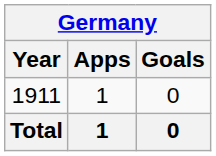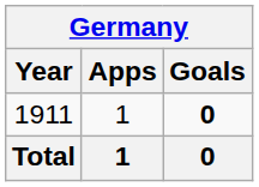 <table class="wikitable" style="text-align:center">
 <tr>
 <th colspan=3><a href='#'>Germany</a></th>
 </tr>
 <tr>
 <th>Year</th>
 <th>Apps</th>
 <th>Goals</th>
 </tr>
 <tr>
 <td>1911</td>
 <td>1</td>
-<td>0</td>
+<td><strong>0</strong></td>
 </tr>
 <tr>
 <th>Total</th>
 <th>1</th>
 <th>0</th>
 </tr>
 </table>
